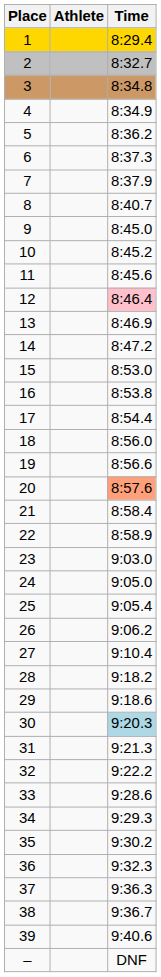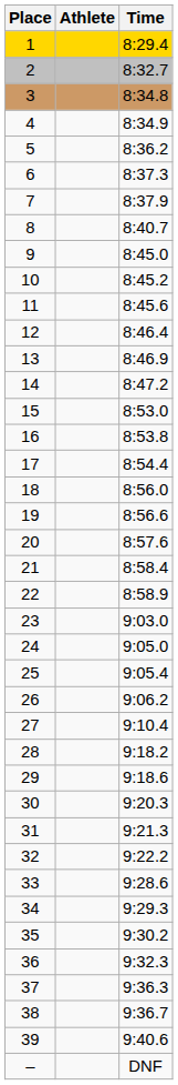 <table class="wikitable" style="text-align:center">
 <tr>
 <th>Place</th>
 <th>Athlete</th>
 <th>Time</th>
 </tr>
 <tr bgcolor=gold>
 <td>1</td>
 <td align=left></td>
 <td>8:29.4</td>
 </tr>
 <tr bgcolor=silver>
 <td>2</td>
 <td align=left></td>
 <td>8:32.7</td>
 </tr>
 <tr bgcolor=cc9966>
 <td>3</td>
 <td align=left></td>
 <td>8:34.8</td>
 </tr>
 <tr>
 <td>4</td>
 <td align=left></td>
 <td>8:34.9</td>
 </tr>
 <tr>
 <td>5</td>
 <td align=left></td>
 <td>8:36.2</td>
 </tr>
 <tr>
 <td>6</td>
 <td align=left></td>
 <td>8:37.3</td>
 </tr>
 <tr>
 <td>7</td>
 <td align=left></td>
 <td>8:37.9</td>
 </tr>
 <tr>
 <td>8</td>
 <td align=left></td>
 <td>8:40.7</td>
 </tr>
 <tr>
 <td>9</td>
 <td align=left></td>
 <td>8:45.0</td>
 </tr>
 <tr>
 <td>10</td>
 <td align=left></td>
 <td>8:45.2</td>
 </tr>
 <tr>
 <td>11</td>
 <td align=left></td>
 <td>8:45.6</td>
 </tr>
 <tr>
 <td>12</td>
 <td align=left></td>
-<td style="background: pink;">8:46.4</td>
+<td>8:46.4</td>
 </tr>
 <tr>
 <td>13</td>
 <td align=left></td>
 <td>8:46.9</td>
 </tr>
 <tr>
 <td>14</td>
 <td align=left></td>
 <td>8:47.2</td>
 </tr>
 <tr>
 <td>15</td>
 <td align=left></td>
 <td>8:53.0</td>
 </tr>
 <tr>
 <td>16</td>
 <td align=left></td>
 <td>8:53.8</td>
 </tr>
 <tr>
 <td>17</td>
 <td align=left></td>
 <td>8:54.4</td>
 </tr>
 <tr>
 <td>18</td>
 <td align=left></td>
 <td>8:56.0</td>
 </tr>
 <tr>
 <td>19</td>
 <td align=left></td>
 <td>8:56.6</td>
 </tr>
 <tr>
 <td>20</td>
 <td align=left></td>
-<td style="background: lightsalmon;">8:57.6</td>
+<td>8:57.6</td>
 </tr>
 <tr>
 <td>21</td>
 <td align=left></td>
 <td>8:58.4</td>
 </tr>
 <tr>
 <td>22</td>
 <td align=left></td>
 <td>8:58.9</td>
 </tr>
 <tr>
 <td>23</td>
 <td align=left></td>
 <td>9:03.0</td>
 </tr>
 <tr>
 <td>24</td>
 <td align=left></td>
 <td>9:05.0</td>
 </tr>
 <tr>
 <td>25</td>
 <td align=left></td>
 <td>9:05.4</td>
 </tr>
 <tr>
 <td>26</td>
 <td align=left></td>
 <td>9:06.2</td>
 </tr>
 <tr>
 <td>27</td>
 <td align=left></td>
 <td>9:10.4</td>
 </tr>
 <tr>
 <td>28</td>
 <td align=left></td>
 <td>9:18.2</td>
 </tr>
 <tr>
 <td>29</td>
 <td align=left></td>
 <td>9:18.6</td>
 </tr>
 <tr>
 <td>30</td>
 <td align=left></td>
-<td style="background: lightblue;">9:20.3</td>
+<td>9:20.3</td>
 </tr>
 <tr>
 <td>31</td>
 <td align=left></td>
 <td>9:21.3</td>
 </tr>
 <tr>
 <td>32</td>
 <td align=left></td>
 <td>9:22.2</td>
 </tr>
 <tr>
 <td>33</td>
 <td align=left></td>
 <td>9:28.6</td>
 </tr>
 <tr>
 <td>34</td>
 <td align=left></td>
 <td>9:29.3</td>
 </tr>
 <tr>
 <td>35</td>
 <td align=left></td>
 <td>9:30.2</td>
 </tr>
 <tr>
 <td>36</td>
 <td align=left></td>
 <td>9:32.3</td>
 </tr>
 <tr>
 <td>37</td>
 <td align=left></td>
 <td>9:36.3</td>
 </tr>
 <tr>
 <td>38</td>
 <td align=left></td>
 <td>9:36.7</td>
 </tr>
 <tr>
 <td>39</td>
 <td align=left></td>
 <td>9:40.6</td>
 </tr>
 <tr>
 <td>–</td>
 <td align=left></td>
 <td>DNF</td>
 </tr>
 </table>
